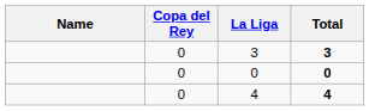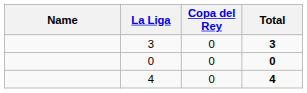 <table class="wikitable sortable" style="text-align:center; font-size:95%">
 <tr>
 <th width=150px>Name</th>
+<th width=75px><a href='#'>La Liga</a></th>
 <th width=75px><a href='#'>Copa del Rey</a></th>
-<th width=75px><a href='#'>La Liga</a></th>
 <th width=75px>Total</th>
 </tr>
 <tr>
 <td></td>
+<td>3</td>
 <td>0</td>
-<td>3</td>
 <td><strong>3</strong></td>
 </tr>
 <tr>
 <td></td>
 <td>0</td>
 <td>0</td>
 <td><strong>0</strong></td>
 </tr>
 <tr>
 <td></td>
+<td>4</td>
 <td>0</td>
-<td>4</td>
 <td><strong>4</strong></td>
 </tr>
 </table>
